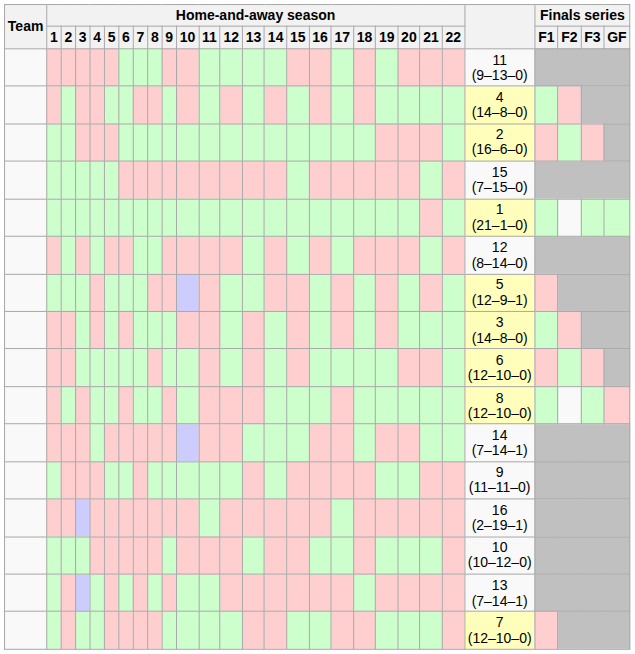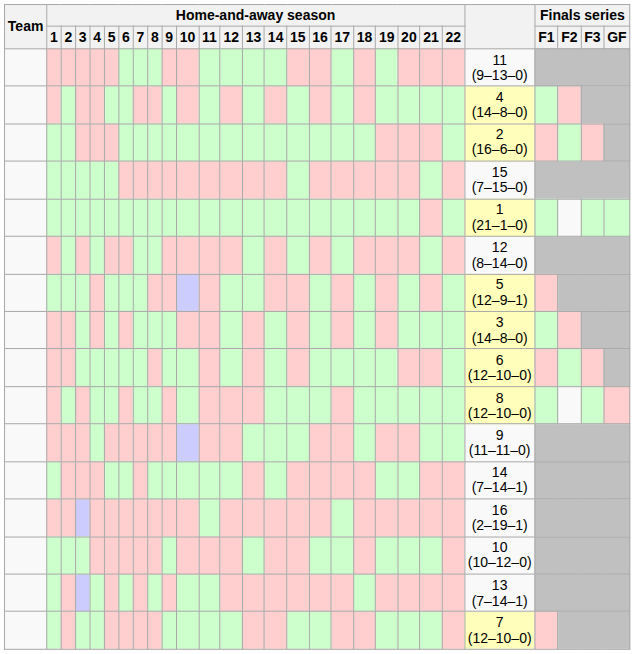 <table class="wikitable sortable" style="font-size:85%; text-align:center">
 <tr>
 <th rowspan=2>Team</th>
 <th colspan=22>Home-and-away season</th>
 <th rowspan=2></th>
 <th colspan=4>Finals series</th>
 </tr>
 <tr>
 <th>1</th>
 <th>2</th>
 <th>3</th>
 <th>4</th>
 <th>5</th>
 <th>6</th>
 <th>7</th>
 <th>8</th>
 <th>9</th>
 <th>10</th>
 <th>11</th>
 <th>12</th>
 <th>13</th>
 <th>14</th>
 <th>15</th>
 <th>16</th>
 <th>17</th>
 <th>18</th>
 <th>19</th>
 <th>20</th>
 <th>21</th>
 <th>22</th>
 <th>F1</th>
 <th>F2</th>
 <th>F3</th>
 <th>GF</th>
 </tr>
 <tr>
 <td align=left></td>
 <td bgcolor=FFCFCF><strong></strong></td>
 <td bgcolor=FFCFCF></td>
 <td bgcolor=FFCFCF><strong></strong></td>
 <td bgcolor=FFCFCF></td>
 <td bgcolor=FFCFCF></td>
 <td bgcolor=CCFFCC><strong></strong></td>
 <td bgcolor=CCFFCC></td>
 <td bgcolor=CCFFCC></td>
 <td bgcolor=FFCFCF><strong></strong></td>
 <td bgcolor=FFCFCF></td>
 <td bgcolor=CCFFCC><strong></strong></td>
 <td bgcolor=CCFFCC><strong></strong></td>
 <td bgcolor=CCFFCC></td>
 <td bgcolor=CCFFCC><strong></strong></td>
 <td bgcolor=FFCFCF></td>
 <td bgcolor=FFCFCF></td>
 <td bgcolor=CCFFCC><strong></strong></td>
 <td bgcolor=FFCFCF></td>
 <td bgcolor=CCFFCC><strong></strong></td>
 <td bgcolor=FFCFCF><strong></strong></td>
 <td bgcolor=FFCFCF></td>
 <td bgcolor=FFCFCF><strong></strong></td>
 <td>11<br>(9–13–0)</td>
 <td colspan=4 bgcolor=C0C0C0></td>
 </tr>
 <tr>
 <td align=left></td>
 <td bgcolor=FFCFCF></td>
 <td bgcolor=CCFFCC></td>
 <td bgcolor=FFCFCF></td>
 <td bgcolor=FFCFCF></td>
 <td bgcolor=CCFFCC><strong></strong></td>
 <td bgcolor=CCFFCC></td>
 <td bgcolor=FFCFCF></td>
 <td bgcolor=FFCFCF><strong></strong></td>
 <td bgcolor=CCFFCC><strong></strong></td>
 <td bgcolor=FFCFCF></td>
 <td bgcolor=CCFFCC></td>
 <td bgcolor=FFCFCF><strong></strong></td>
 <td bgcolor=CCFFCC><strong></strong></td>
 <td bgcolor=FFCFCF></td>
 <td bgcolor=CCFFCC></td>
 <td bgcolor=FFCFCF><strong></strong></td>
 <td bgcolor=CCFFCC><strong></strong></td>
 <td bgcolor=FFCFCF><strong></strong></td>
 <td bgcolor=CCFFCC><strong></strong></td>
 <td bgcolor=CCFFCC></td>
 <td bgcolor=CCFFCC><strong></strong></td>
 <td bgcolor=CCFFCC><strong></strong></td>
 <td bgcolor=FFFFBB>4<br>(14–8–0)</td>
 <td bgcolor=CCFFCC><strong></strong></td>
 <td bgcolor=FFCFCF></td>
 <td colspan=2 bgcolor=C0C0C0></td>
 </tr>
 <tr>
 <td align=left></td>
 <td bgcolor=CCFFCC><strong></strong></td>
 <td bgcolor=CCFFCC><strong></strong></td>
 <td bgcolor=FFCFCF></td>
 <td bgcolor=FFCFCF></td>
 <td bgcolor=FFCFCF></td>
 <td bgcolor=CCFFCC><strong></strong></td>
 <td bgcolor=CCFFCC></td>
 <td bgcolor=CCFFCC><strong></strong></td>
 <td bgcolor=CCFFCC></td>
 <td bgcolor=CCFFCC></td>
 <td bgcolor=CCFFCC><strong></strong></td>
 <td bgcolor=CCFFCC></td>
 <td bgcolor=CCFFCC></td>
 <td bgcolor=CCFFCC><strong></strong></td>
 <td bgcolor=CCFFCC><strong></strong></td>
 <td bgcolor=CCFFCC></td>
 <td bgcolor=CCFFCC></td>
 <td bgcolor=CCFFCC><strong></strong></td>
 <td bgcolor=FFCFCF><strong></strong></td>
 <td bgcolor=FFCFCF><strong></strong></td>
 <td bgcolor=FFCFCF></td>
 <td bgcolor=CCFFCC><strong></strong></td>
 <td bgcolor=FFFFBB>2<br>(16–6–0)</td>
 <td bgcolor=FFCFCF><strong></strong></td>
 <td bgcolor=CCFFCC><strong></strong></td>
 <td bgcolor=FFCFCF></td>
 <td bgcolor=C0C0C0></td>
 </tr>
 <tr>
 <td align=left></td>
 <td bgcolor=CCFFCC></td>
 <td bgcolor=CCFFCC><strong></strong></td>
 <td bgcolor=CCFFCC><strong></strong></td>
 <td bgcolor=CCFFCC></td>
 <td bgcolor=CCFFCC></td>
 <td bgcolor=FFCFCF><strong></strong></td>
 <td bgcolor=FFCFCF><strong></strong></td>
 <td bgcolor=FFCFCF><strong></strong></td>
 <td bgcolor=FFCFCF></td>
 <td bgcolor=FFCFCF></td>
 <td bgcolor=FFCFCF><strong></strong></td>
 <td bgcolor=FFCFCF><strong></strong></td>
 <td bgcolor=FFCFCF></td>
 <td bgcolor=FFCFCF></td>
 <td bgcolor=CCFFCC><strong></strong></td>
 <td bgcolor=FFCFCF><strong></strong></td>
 <td bgcolor=FFCFCF></td>
 <td bgcolor=FFCFCF></td>
 <td bgcolor=FFCFCF><strong></strong></td>
 <td bgcolor=FFCFCF><strong></strong></td>
 <td bgcolor=CCFFCC></td>
 <td bgcolor=FFCFCF></td>
 <td>15<br>(7–15–0)</td>
 <td colspan=4 bgcolor=C0C0C0></td>
 </tr>
 <tr>
 <td align=left></td>
 <td bgcolor=CCFFCC><strong></strong></td>
 <td bgcolor=CCFFCC><strong></strong></td>
 <td bgcolor=CCFFCC></td>
 <td bgcolor=CCFFCC></td>
 <td bgcolor=CCFFCC><strong></strong></td>
 <td bgcolor=CCFFCC></td>
 <td bgcolor=CCFFCC></td>
 <td bgcolor=CCFFCC></td>
 <td bgcolor=CCFFCC></td>
 <td bgcolor=CCFFCC><strong></strong></td>
 <td bgcolor=CCFFCC></td>
 <td bgcolor=CCFFCC><strong></strong></td>
 <td bgcolor=CCFFCC><strong></strong></td>
 <td bgcolor=CCFFCC></td>
 <td bgcolor=CCFFCC><strong></strong></td>
 <td bgcolor=CCFFCC></td>
 <td bgcolor=CCFFCC></td>
 <td bgcolor=CCFFCC><strong></strong></td>
 <td bgcolor=CCFFCC><strong></strong></td>
 <td bgcolor=CCFFCC></td>
 <td bgcolor=FFCFCF><strong></strong></td>
 <td bgcolor=CCFFCC><strong></strong></td>
 <td bgcolor=FFFFBB>1<br>(21–1–0)</td>
 <td bgcolor=CCFFCC><strong></strong></td>
 <td></td>
 <td bgcolor=CCFFCC><strong></strong></td>
 <td bgcolor=CCFFCC><strong></strong></td>
 </tr>
 <tr>
 <td align=left></td>
 <td bgcolor=FFCFCF><strong></strong></td>
 <td bgcolor=CCFFCC></td>
 <td bgcolor=FFCFCF><strong></strong></td>
 <td bgcolor=CCFFCC></td>
 <td bgcolor=FFCFCF><strong></strong></td>
 <td bgcolor=FFCFCF></td>
 <td bgcolor=CCFFCC><strong></strong></td>
 <td bgcolor=CCFFCC></td>
 <td bgcolor=FFCFCF><strong></strong></td>
 <td bgcolor=FFCFCF></td>
 <td bgcolor=FFCFCF><strong></strong></td>
 <td bgcolor=FFCFCF></td>
 <td bgcolor=CCFFCC><strong></strong></td>
 <td bgcolor=FFCFCF></td>
 <td bgcolor=CCFFCC><strong></strong></td>
 <td bgcolor=FFCFCF></td>
 <td bgcolor=CCFFCC><strong></strong></td>
 <td bgcolor=FFCFCF></td>
 <td bgcolor=FFCFCF><strong></strong></td>
 <td bgcolor=FFCFCF></td>
 <td bgcolor=CCFFCC><strong></strong></td>
 <td bgcolor=FFCFCF></td>
 <td>12<br>(8–14–0)</td>
 <td colspan=4 bgcolor=C0C0C0></td>
 </tr>
 <tr>
 <td align=left></td>
 <td bgcolor=CCFFCC></td>
 <td bgcolor=CCFFCC><strong></strong></td>
 <td bgcolor=CCFFCC></td>
 <td bgcolor=FFCFCF></td>
 <td bgcolor=CCFFCC><strong></strong></td>
 <td bgcolor=CCFFCC><strong></strong></td>
 <td bgcolor=CCFFCC></td>
 <td bgcolor=FFCFCF><strong></strong></td>
 <td bgcolor=FFCFCF></td>
 <td bgcolor=CCCCFF></td>
 <td bgcolor=FFCFCF><strong></strong></td>
 <td bgcolor=CCFFCC></td>
 <td bgcolor=CCFFCC><strong></strong></td>
 <td bgcolor=FFCFCF></td>
 <td bgcolor=FFCFCF><strong></strong></td>
 <td bgcolor=CCFFCC><strong></strong></td>
 <td bgcolor=FFCFCF></td>
 <td bgcolor=CCFFCC><strong></strong></td>
 <td bgcolor=FFCFCF><strong></strong></td>
 <td bgcolor=CCFFCC></td>
 <td bgcolor=FFCFCF></td>
 <td bgcolor=CCFFCC><strong></strong></td>
 <td bgcolor=FFFFBB>5<br>(12–9–1)</td>
 <td bgcolor=FFCFCF><strong></strong></td>
 <td colspan=3 bgcolor=C0C0C0></td>
 </tr>
 <tr>
 <td align=left></td>
 <td bgcolor=FFCFCF><strong></strong></td>
 <td bgcolor=FFCFCF></td>
 <td bgcolor=CCFFCC><strong></strong></td>
 <td bgcolor=FFCFCF><strong></strong></td>
 <td bgcolor=CCFFCC></td>
 <td bgcolor=FFCFCF></td>
 <td bgcolor=CCFFCC><strong></strong></td>
 <td bgcolor=CCFFCC></td>
 <td bgcolor=CCFFCC><strong></strong></td>
 <td bgcolor=FFCFCF></td>
 <td bgcolor=FFCFCF><strong></strong></td>
 <td bgcolor=CCFFCC><strong></strong></td>
 <td bgcolor=FFCFCF></td>
 <td bgcolor=CCFFCC></td>
 <td bgcolor=FFCFCF><strong></strong></td>
 <td bgcolor=CCFFCC></td>
 <td bgcolor=FFCFCF><strong></strong></td>
 <td bgcolor=CCFFCC></td>
 <td bgcolor=FFCFCF></td>
 <td bgcolor=CCFFCC><strong></strong></td>
 <td bgcolor=CCFFCC><strong></strong></td>
 <td bgcolor=CCFFCC></td>
 <td bgcolor=FFFFBB>3<br>(14–8–0)</td>
 <td bgcolor=CCFFCC></td>
 <td bgcolor=FFCFCF></td>
 <td colspan=2 bgcolor=C0C0C0></td>
 </tr>
 <tr>
 <td align=left></td>
 <td bgcolor=FFCFCF><strong></strong></td>
 <td bgcolor=FFCFCF></td>
 <td bgcolor=CCFFCC></td>
 <td bgcolor=CCFFCC><strong></strong></td>
 <td bgcolor=CCFFCC><strong></strong></td>
 <td bgcolor=CCFFCC></td>
 <td bgcolor=CCFFCC></td>
 <td bgcolor=FFCFCF><strong></strong></td>
 <td bgcolor=CCFFCC></td>
 <td bgcolor=CCFFCC><strong></strong></td>
 <td bgcolor=FFCFCF></td>
 <td bgcolor=CCFFCC><strong></strong></td>
 <td bgcolor=FFCFCF></td>
 <td bgcolor=CCFFCC><strong></strong></td>
 <td bgcolor=FFCFCF></td>
 <td bgcolor=CCFFCC></td>
 <td bgcolor=CCFFCC><strong></strong></td>
 <td bgcolor=CCFFCC><strong></strong></td>
 <td bgcolor=CCFFCC></td>
 <td bgcolor=FFCFCF></td>
 <td bgcolor=FFCFCF><strong></strong></td>
 <td bgcolor=CCFFCC><strong></strong></td>
 <td bgcolor=FFFFBB>6<br>(12–10–0)</td>
 <td bgcolor=FFCFCF></td>
 <td bgcolor=CCFFCC><strong></strong></td>
 <td bgcolor=FFCFCF></td>
 <td bgcolor=C0C0C0></td>
 </tr>
 <tr>
 <td align=left></td>
 <td bgcolor=FFCFCF></td>
 <td bgcolor=CCFFCC><strong></strong></td>
 <td bgcolor=FFCFCF></td>
 <td bgcolor=CCFFCC><strong></strong></td>
 <td bgcolor=CCFFCC></td>
 <td bgcolor=FFCFCF></td>
 <td bgcolor=CCFFCC><strong></strong></td>
 <td bgcolor=CCFFCC></td>
 <td bgcolor=FFCFCF><strong></strong></td>
 <td bgcolor=CCFFCC><strong></strong></td>
 <td bgcolor=FFCFCF></td>
 <td bgcolor=FFCFCF></td>
 <td bgcolor=FFCFCF><strong></strong></td>
 <td bgcolor=CCFFCC><strong></strong></td>
 <td bgcolor=CCFFCC></td>
 <td bgcolor=CCFFCC><strong></strong></td>
 <td bgcolor=FFCFCF></td>
 <td bgcolor=CCFFCC><strong></strong></td>
 <td bgcolor=CCFFCC></td>
 <td bgcolor=CCFFCC><strong></strong></td>
 <td bgcolor=CCFFCC><strong></strong></td>
 <td bgcolor=CCFFCC></td>
 <td bgcolor=FFFFBB>8<br>(12–10–0)</td>
 <td bgcolor=CCFFCC></td>
 <td></td>
 <td bgcolor=CCFFCC><strong></strong></td>
 <td bgcolor=FFCFCF></td>
 </tr>
 <tr>
 <td align=left></td>
 <td bgcolor=FFCFCF></td>
 <td bgcolor=FFCFCF><strong></strong></td>
 <td bgcolor=FFCFCF></td>
 <td bgcolor=CCFFCC><strong></strong></td>
 <td bgcolor=FFCFCF><strong></strong></td>
 <td bgcolor=FFCFCF></td>
 <td bgcolor=FFCFCF><strong></strong></td>
 <td bgcolor=FFCFCF><strong></strong></td>
 <td bgcolor=FFCFCF></td>
 <td bgcolor=CCCCFF><strong></strong></td>
 <td bgcolor=FFCFCF></td>
 <td bgcolor=FFCFCF></td>
 <td bgcolor=CCFFCC><strong></strong></td>
 <td bgcolor=CCFFCC></td>
 <td bgcolor=CCFFCC><strong></strong></td>
 <td bgcolor=FFCFCF><strong></strong></td>
 <td bgcolor=FFCFCF></td>
 <td bgcolor=CCFFCC><strong></strong></td>
 <td bgcolor=FFCFCF></td>
 <td bgcolor=FFCFCF></td>
 <td bgcolor=CCFFCC><strong></strong></td>
 <td bgcolor=CCFFCC></td>
-<td>14<br>(7–14–1)</td>
+<td>9<br>(11–11–0)</td>
 <td colspan=4 bgcolor=C0C0C0></td>
 </tr>
 <tr>
 <td align=left></td>
 <td bgcolor=CCFFCC><strong></strong></td>
 <td bgcolor=FFCFCF></td>
 <td bgcolor=FFCFCF><strong></strong></td>
 <td bgcolor=FFCFCF><strong></strong></td>
 <td bgcolor=CCFFCC></td>
 <td bgcolor=CCFFCC></td>
 <td bgcolor=FFCFCF><strong></strong></td>
 <td bgcolor=CCFFCC></td>
 <td bgcolor=CCFFCC><strong></strong></td>
 <td bgcolor=CCFFCC><strong></strong></td>
 <td bgcolor=CCFFCC></td>
 <td bgcolor=CCFFCC></td>
 <td bgcolor=FFCFCF><strong></strong></td>
 <td bgcolor=CCFFCC><strong></strong></td>
 <td bgcolor=FFCFCF></td>
 <td bgcolor=FFCFCF></td>
 <td bgcolor=FFCFCF><strong></strong></td>
 <td bgcolor=FFCFCF></td>
 <td bgcolor=CCFFCC></td>
 <td bgcolor=CCFFCC><strong></strong></td>
 <td bgcolor=FFCFCF><strong></strong></td>
 <td bgcolor=FFCFCF></td>
-<td>9<br>(11–11–0)</td>
+<td>14<br>(7–14–1)</td>
 <td colspan=4 bgcolor=C0C0C0></td>
 </tr>
 <tr>
 <td align=left></td>
 <td bgcolor=FFCFCF><strong></strong></td>
 <td bgcolor=FFCFCF></td>
 <td bgcolor=CCCCFF><strong></strong></td>
 <td bgcolor=FFCFCF></td>
 <td bgcolor=FFCFCF><strong></strong></td>
 <td bgcolor=FFCFCF><strong></strong></td>
 <td bgcolor=FFCFCF><strong></strong></td>
 <td bgcolor=FFCFCF><strong></strong></td>
 <td bgcolor=FFCFCF></td>
 <td bgcolor=FFCFCF><strong></strong></td>
 <td bgcolor=CCFFCC><strong></strong></td>
 <td bgcolor=FFCFCF></td>
 <td bgcolor=FFCFCF></td>
 <td bgcolor=FFCFCF><strong></strong></td>
 <td bgcolor=FFCFCF></td>
 <td bgcolor=FFCFCF></td>
 <td bgcolor=CCFFCC><strong></strong></td>
 <td bgcolor=FFCFCF></td>
 <td bgcolor=FFCFCF><strong></strong></td>
 <td bgcolor=FFCFCF></td>
 <td bgcolor=FFCFCF></td>
 <td bgcolor=FFCFCF></td>
 <td>16<br>(2–19–1)</td>
 <td colspan=4 bgcolor=C0C0C0></td>
 </tr>
 <tr>
 <td align=left></td>
 <td bgcolor=CCFFCC></td>
 <td bgcolor=CCFFCC></td>
 <td bgcolor=CCFFCC><strong></strong></td>
 <td bgcolor=FFCFCF><strong></strong></td>
 <td bgcolor=FFCFCF></td>
 <td bgcolor=FFCFCF><strong></strong></td>
 <td bgcolor=FFCFCF><strong></strong></td>
 <td bgcolor=FFCFCF></td>
 <td bgcolor=CCFFCC><strong></strong></td>
 <td bgcolor=FFCFCF></td>
 <td bgcolor=FFCFCF><strong></strong></td>
 <td bgcolor=FFCFCF></td>
 <td bgcolor=CCFFCC><strong></strong></td>
 <td bgcolor=FFCFCF><strong></strong></td>
 <td bgcolor=FFCFCF></td>
 <td bgcolor=CCFFCC><strong></strong></td>
 <td bgcolor=CCFFCC><strong></strong></td>
 <td bgcolor=FFCFCF></td>
 <td bgcolor=CCFFCC></td>
 <td bgcolor=CCFFCC><strong></strong></td>
 <td bgcolor=CCFFCC></td>
 <td bgcolor=FFCFCF></td>
 <td>10<br>(10–12–0)</td>
 <td colspan=4 bgcolor=C0C0C0></td>
 </tr>
 <tr>
 <td align=left></td>
 <td bgcolor=CCFFCC></td>
 <td bgcolor=FFCFCF><strong></strong></td>
 <td bgcolor=CCCCFF></td>
 <td bgcolor=CCFFCC><strong></strong></td>
 <td bgcolor=FFCFCF></td>
 <td bgcolor=CCFFCC><strong></strong></td>
 <td bgcolor=FFCFCF></td>
 <td bgcolor=CCFFCC><strong></strong></td>
 <td bgcolor=FFCFCF></td>
 <td bgcolor=CCFFCC><strong></strong></td>
 <td bgcolor=CCFFCC></td>
 <td bgcolor=FFCFCF><strong></strong></td>
 <td bgcolor=FFCFCF></td>
 <td bgcolor=FFCFCF><strong></strong></td>
 <td bgcolor=FFCFCF></td>
 <td bgcolor=FFCFCF><strong></strong></td>
 <td bgcolor=FFCFCF></td>
 <td bgcolor=CCFFCC><strong></strong></td>
 <td bgcolor=FFCFCF></td>
 <td bgcolor=FFCFCF><strong></strong></td>
 <td bgcolor=FFCFCF></td>
 <td bgcolor=FFCFCF><strong></strong></td>
 <td>13<br>(7–14–1)</td>
 <td colspan=4 bgcolor=C0C0C0></td>
 </tr>
 <tr>
 <td align=left></td>
 <td bgcolor=CCFFCC></td>
 <td bgcolor=FFCFCF><strong></strong></td>
 <td bgcolor=CCFFCC><strong></strong></td>
 <td bgcolor=CCFFCC><strong></strong></td>
 <td bgcolor=FFCFCF><strong></strong></td>
 <td bgcolor=FFCFCF><strong></strong></td>
 <td bgcolor=FFCFCF></td>
 <td bgcolor=FFCFCF></td>
 <td bgcolor=CCFFCC><strong></strong></td>
 <td bgcolor=CCFFCC><strong></strong></td>
 <td bgcolor=CCFFCC></td>
 <td bgcolor=CCFFCC><strong></strong></td>
 <td bgcolor=FFCFCF></td>
 <td bgcolor=FFCFCF></td>
 <td bgcolor=CCFFCC><strong></strong></td>
 <td bgcolor=CCFFCC><strong></strong></td>
 <td bgcolor=FFCFCF></td>
 <td bgcolor=FFCFCF></td>
 <td bgcolor=CCFFCC></td>
 <td bgcolor=CCFFCC></td>
 <td bgcolor=CCFFCC></td>
 <td bgcolor=FFCFCF><strong></strong></td>
 <td bgcolor=FFFFBB>7<br>(12–10–0)</td>
 <td bgcolor=FFCFCF></td>
 <td colspan=3 bgcolor=C0C0C0></td>
 </tr>
 </table>
